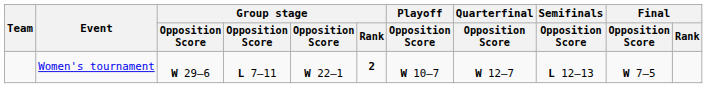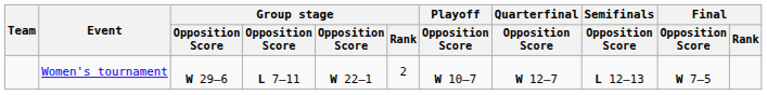 <table class=wikitable style=font-size:90%>
 <tr>
 <th rowspan=2>Team</th>
 <th rowspan=2>Event</th>
 <th colspan=4>Group stage</th>
 <th>Playoff</th>
 <th>Quarterfinal</th>
 <th>Semifinals</th>
 <th colspan=2>Final</th>
 </tr>
 <tr style=font-size:95%>
 <th>Opposition<br>Score</th>
 <th>Opposition<br>Score</th>
 <th>Opposition<br>Score</th>
 <th>Rank</th>
 <th>Opposition<br>Score</th>
 <th>Opposition<br>Score</th>
 <th>Opposition<br>Score</th>
 <th>Opposition<br>Score</th>
 <th>Rank</th>
 </tr>
 <tr align=center>
 <td align=left><strong></strong></td>
 <td align=left><a href='#'>Women's tournament</a></td>
 <td><br><strong>W</strong> 29–6</td>
 <td><br><strong>L</strong> 7–11</td>
 <td><br><strong>W</strong> 22–1</td>
-<td><strong>2</strong></td>
+<td>2</td>
 <td><br><strong>W</strong> 10–7</td>
 <td><br><strong>W</strong> 12–7</td>
 <td><br><strong>L</strong> 12–13</td>
 <td><br><strong>W</strong> 7–5</td>
 <td></td>
 </tr>
 </table>
